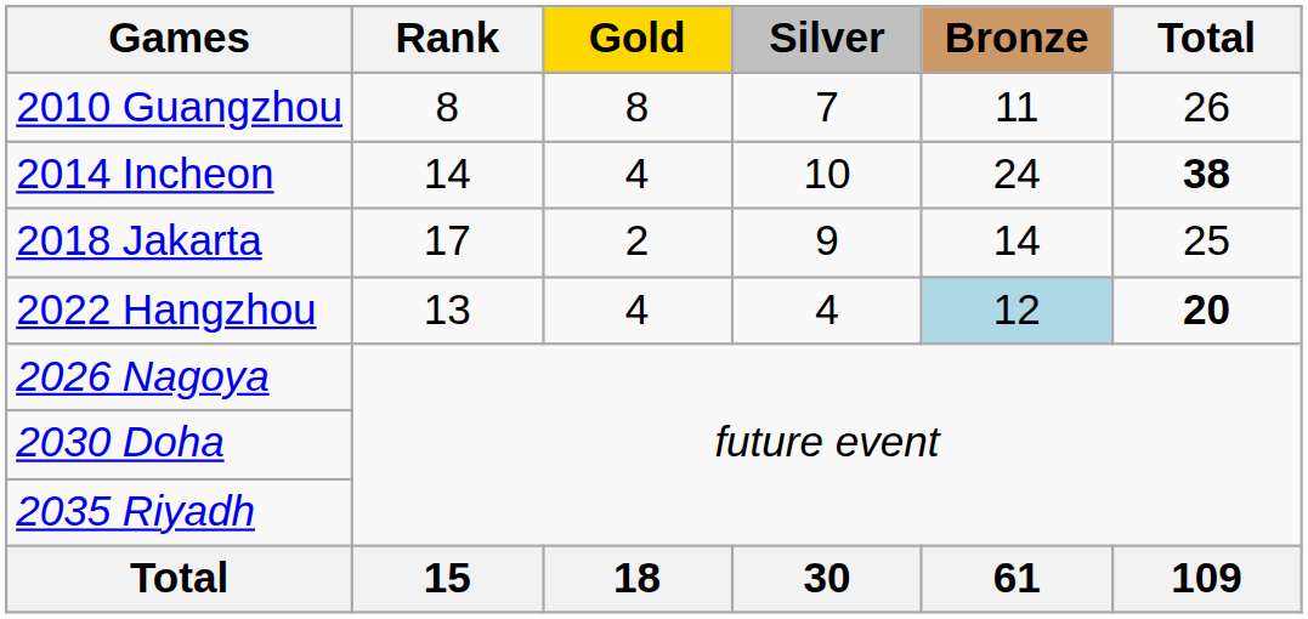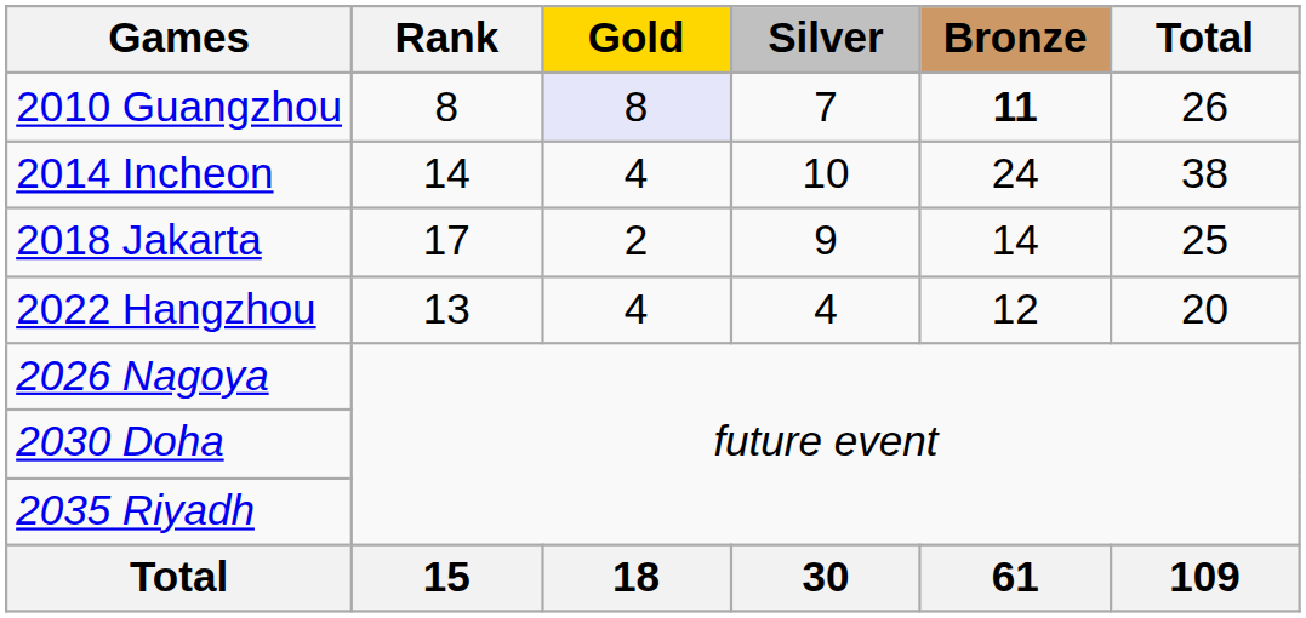 <table class="wikitable sortable" style="margin-top:0em; text-align:center; font-size:100%;">
 <tr>
 <th>Games</th>
 <th style="width:4em;">Rank</th>
 <th style="background:gold; width:4em;"><strong>Gold</strong></th>
 <th style="background:silver; width:4em;"><strong>Silver</strong></th>
 <th style="background:#cc9966; width:4em;"><strong>Bronze</strong></th>
 <th style="width:4em;">Total</th>
 </tr>
 <tr>
 <td align="left"> <a href='#'>2010 Guangzhou</a></td>
 <td>8</td>
-<td>8</td>
+<td style="background: lavender;">8</td>
 <td>7</td>
-<td>11</td>
+<td><strong>11</strong></td>
 <td>26</td>
 </tr>
 <tr>
 <td align="left"> <a href='#'>2014 Incheon</a></td>
 <td>14</td>
 <td>4</td>
 <td>10</td>
 <td>24</td>
-<td><strong>38</strong></td>
+<td>38</td>
 </tr>
 <tr>
 <td align="left"> <a href='#'>2018 Jakarta</a></td>
 <td>17</td>
 <td>2</td>
 <td>9</td>
 <td>14</td>
 <td>25</td>
 </tr>
 <tr>
 <td align="left"> <a href='#'>2022 Hangzhou</a></td>
 <td>13</td>
 <td>4</td>
 <td>4</td>
-<td style="background: lightblue;">12</td>
-<td><strong>20</strong></td>
+<td>12</td>
+<td>20</td>
 </tr>
 <tr>
 <td align="left"> <em><a href='#'>2026 Nagoya</a></em></td>
 <td colspan=5 rowspan=3><em>future event</em></td>
 </tr>
 <tr>
 <td align="left"> <em><a href='#'>2030 Doha</a></em></td>
 </tr>
 <tr>
 <td align="left"> <em><a href='#'>2035 Riyadh</a></em></td>
 </tr>
 <tr>
 <th>Total</th>
 <th>15</th>
 <th>18</th>
 <th>30</th>
 <th>61</th>
 <th>109</th>
 </tr>
 </table>
